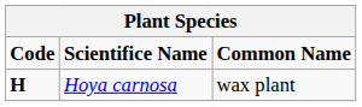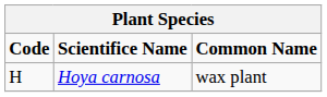 <table class="wikitable" style="clear">
 <tr>
 <th colspan=3><strong>Plant Species</strong><br></th>
 </tr>
 <tr>
 <td><strong>Code</strong></td>
 <td><strong>Scientifice Name</strong></td>
 <td><strong>Common Name</strong></td>
 </tr>
 <tr>
-<td><strong>H</strong></td>
+<td>H</td>
 <td><em><a href='#'>Hoya carnosa</a></em></td>
 <td>wax plant</td>
 </tr>
 <tr>
 </tr>
 </table>
